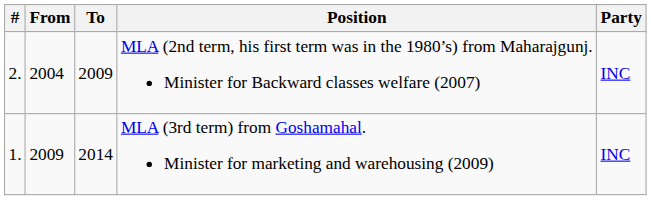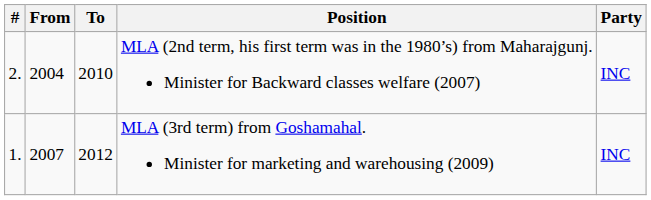 <table class="wikitable sortable">
 <tr>
 <th>#</th>
 <th>From</th>
 <th>To</th>
 <th>Position</th>
 <th>Party</th>
 </tr>
 <tr>
 <td>2.</td>
 <td>2004</td>
-<td>2009</td>
+<td>2010</td>
 <td><a href='#'>MLA</a> (2nd term, his first term was in the 1980’s)  from Maharajgunj.<br><ul><li>Minister for Backward classes welfare (2007)</li></ul></td>
 <td><a href='#'>INC</a></td>
 </tr>
 <tr>
 <td>1.</td>
-<td>2009</td>
-<td>2014</td>
+<td>2007</td>
+<td>2012</td>
 <td><a href='#'>MLA</a> (3rd term) from <a href='#'>Goshamahal</a>.<br><ul><li>Minister for marketing and warehousing (2009)</li></ul></td>
 <td><a href='#'>INC</a></td>
 </tr>
 </table>
